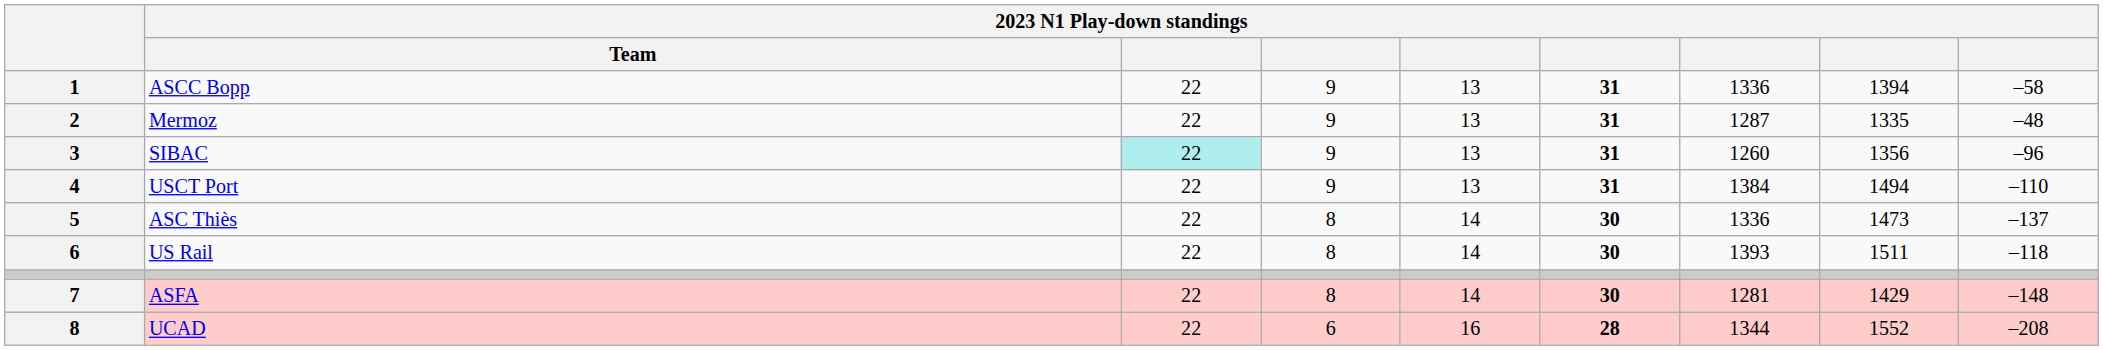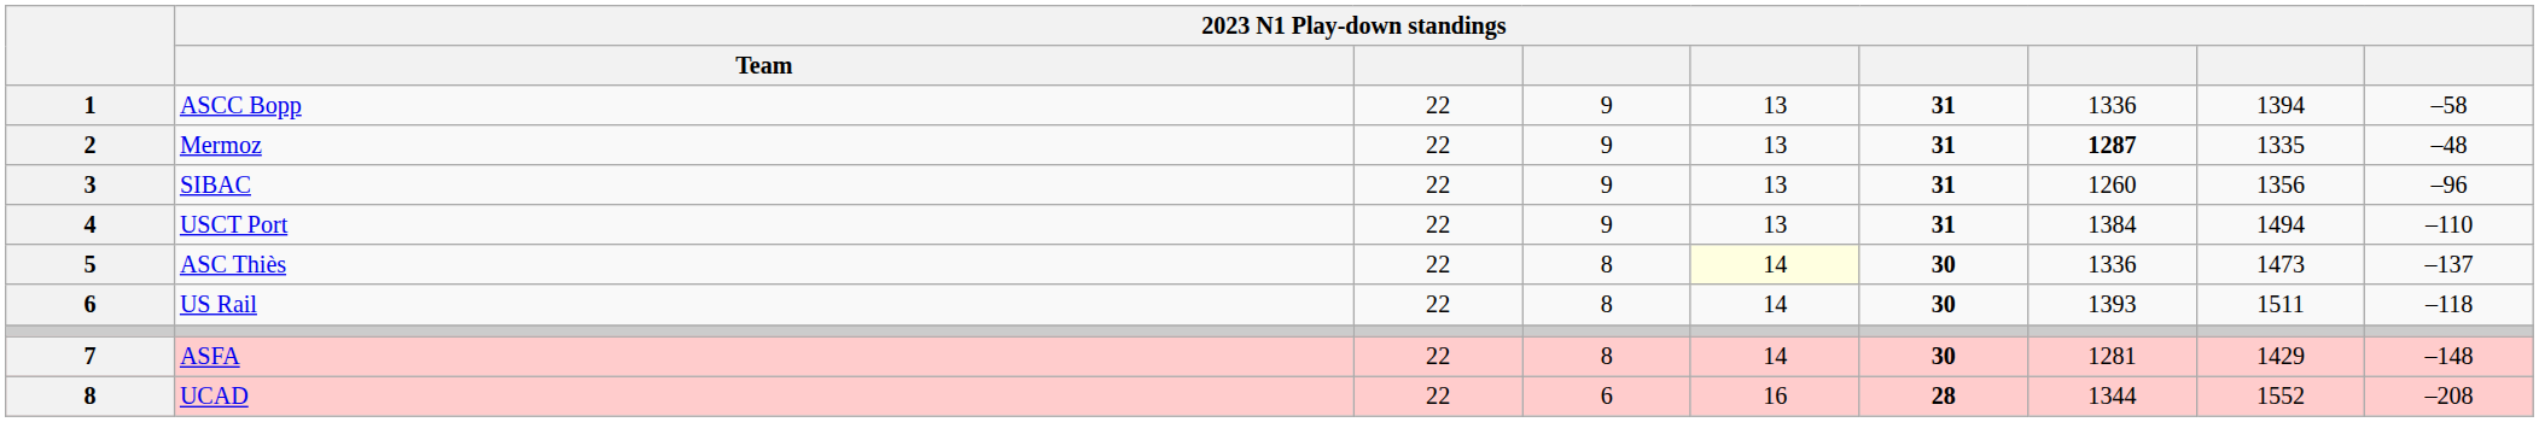 <table class="wikitable" width="80%" style="font-size:95%; text-align:center">
 <tr>
 <th rowspan="2" width="5%"></th>
 <th colspan="8" style="text-align:center">2023 N1 Play-down standings</th>
 </tr>
 <tr>
 <th width="35%">Team</th>
 <th width="5%"></th>
 <th width="5%"></th>
 <th width="5%"></th>
 <th width="5%"></th>
 <th width="5%"></th>
 <th width="5%"></th>
 <th width="5%"></th>
 </tr>
 <tr>
 <th>1</th>
 <td style="text-align:left;"><a href='#'>ASCC Bopp</a></td>
 <td>22</td>
 <td>9</td>
 <td>13</td>
 <td><strong>31</strong></td>
 <td>1336</td>
 <td>1394</td>
 <td>–58</td>
 </tr>
 <tr>
 <th>2</th>
 <td style="text-align:left;"><a href='#'>Mermoz</a></td>
 <td>22</td>
 <td>9</td>
 <td>13</td>
 <td><strong>31</strong></td>
-<td>1287</td>
+<td><strong>1287</strong></td>
 <td>1335</td>
 <td>–48</td>
 </tr>
 <tr>
 <th>3</th>
 <td style="text-align:left;"><a href='#'>SIBAC</a></td>
-<td style="background: paleturquoise;">22</td>
+<td>22</td>
 <td>9</td>
 <td>13</td>
 <td><strong>31</strong></td>
 <td>1260</td>
 <td>1356</td>
 <td>–96</td>
 </tr>
 <tr>
 <th>4</th>
 <td style="text-align:left;"><a href='#'>USCT Port</a></td>
 <td>22</td>
 <td>9</td>
 <td>13</td>
 <td><strong>31</strong></td>
 <td>1384</td>
 <td>1494</td>
 <td>–110</td>
 </tr>
 <tr>
 <th>5</th>
 <td style="text-align:left;"><a href='#'>ASC Thiès</a></td>
 <td>22</td>
 <td>8</td>
-<td>14</td>
+<td style="background: lightyellow;">14</td>
 <td><strong>30</strong></td>
 <td>1336</td>
 <td>1473</td>
 <td>–137</td>
 </tr>
 <tr>
 <th>6</th>
 <td style="text-align:left;"><a href='#'>US Rail</a></td>
 <td>22</td>
 <td>8</td>
 <td>14</td>
 <td><strong>30</strong></td>
 <td>1393</td>
 <td>1511</td>
 <td>–118</td>
 </tr>
 <tr style="background-color:#CCCCCC">
 <td></td>
 <td></td>
 <td></td>
 <td></td>
 <td></td>
 <td></td>
 <td></td>
 <td></td>
 <td></td>
 </tr>
 <tr bgcolor="#fcc">
 <th>7</th>
 <td style="text-align:left;"><a href='#'>ASFA</a></td>
 <td>22</td>
 <td>8</td>
 <td>14</td>
 <td><strong>30</strong></td>
 <td>1281</td>
 <td>1429</td>
 <td>–148</td>
 </tr>
 <tr bgcolor="#fcc">
 <th>8</th>
 <td style="text-align:left;"><a href='#'>UCAD</a></td>
 <td>22</td>
 <td>6</td>
 <td>16</td>
 <td><strong>28</strong></td>
 <td>1344</td>
 <td>1552</td>
 <td>–208</td>
 </tr>
 </table>
